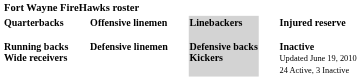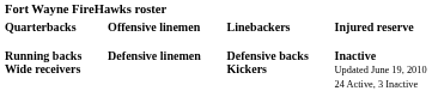 <table class="toccolours" style="text-align: left;">
 <tr>
 <th colspan="7"><strong>Fort Wayne FireHawks roster</strong></th>
 </tr>
 <tr>
 <td style="font-size: 95%;vertical-align:top;"><strong>Quarterbacks</strong><br> <br><strong>Running backs</strong> <br><strong>Wide receivers</strong>    </td>
 <td style="width: 25px;"></td>
 <td style="font-size: 95%;vertical-align:top;"><strong>Offensive linemen</strong><br>   <br><strong>Defensive linemen</strong>    </td>
 <td style="width: 25px;"></td>
-<td style="background: lightgrey; font-size: 95%;vertical-align:top;"><strong>Linebackers</strong><br> <br><strong>Defensive backs</strong>    <br><strong>Kickers</strong> </td>
+<td style="font-size: 95%;vertical-align:top;"><strong>Linebackers</strong><br> <br><strong>Defensive backs</strong>    <br><strong>Kickers</strong> </td>
 <td style="width: 25px;"></td>
 <td style="font-size: 95%;vertical-align:top;"><strong>Injured reserve</strong><br><br><strong>Inactive</strong>  <br><small>Updated June 19, 2010</small><br> <small>24 Active, 3 Inactive</small></td>
 </tr>
 <tr>
 </tr>
 </table>
